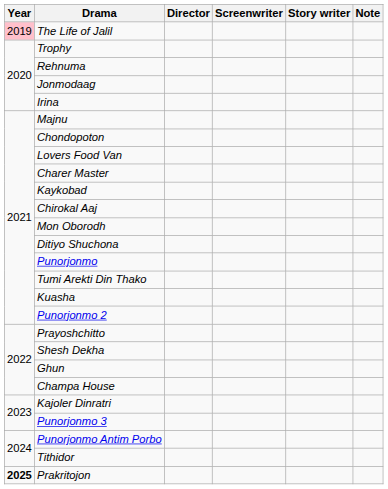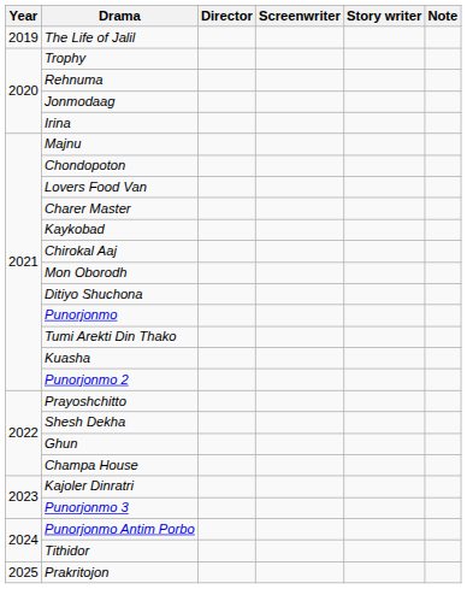 <table class="wikitable">
 <tr>
 <th>Year</th>
 <th>Drama</th>
 <th>Director</th>
 <th>Screenwriter</th>
 <th>Story writer</th>
 <th>Note</th>
 </tr>
 <tr>
-<td style="background: pink;">2019</td>
+<td>2019</td>
 <td><em>The Life of Jalil</em></td>
 <td></td>
 <td></td>
 <td></td>
 <td></td>
 </tr>
 <tr>
 <td rowspan="4">2020</td>
 <td><em>Trophy</em></td>
 <td></td>
 <td></td>
 <td></td>
 <td></td>
 </tr>
 <tr>
 <td><em>Rehnuma</em></td>
 <td></td>
 <td></td>
 <td></td>
 <td></td>
 </tr>
 <tr>
 <td><em>Jonmodaag</em></td>
 <td></td>
 <td></td>
 <td></td>
 <td></td>
 </tr>
 <tr>
 <td><em>Irina</em></td>
 <td></td>
 <td></td>
 <td></td>
 <td></td>
 </tr>
 <tr>
 <td rowspan="12">2021</td>
 <td><em>Majnu</em></td>
 <td></td>
 <td></td>
 <td></td>
 <td></td>
 </tr>
 <tr>
 <td><em>Chondopoton</em></td>
 <td></td>
 <td></td>
 <td></td>
 <td></td>
 </tr>
 <tr>
 <td><em>Lovers Food Van</em></td>
 <td></td>
 <td></td>
 <td></td>
 <td></td>
 </tr>
 <tr>
 <td><em>Charer Master</em></td>
 <td></td>
 <td></td>
 <td></td>
 <td></td>
 </tr>
 <tr>
 <td><em>Kaykobad</em></td>
 <td></td>
 <td></td>
 <td></td>
 <td></td>
 </tr>
 <tr>
 <td><em>Chirokal Aaj</em></td>
 <td></td>
 <td></td>
 <td></td>
 <td></td>
 </tr>
 <tr>
 <td><em>Mon Oborodh</em></td>
 <td></td>
 <td></td>
 <td></td>
 <td></td>
 </tr>
 <tr>
 <td><em>Ditiyo Shuchona</em></td>
 <td></td>
 <td></td>
 <td></td>
 <td></td>
 </tr>
 <tr>
 <td><em><a href='#'>Punorjonmo</a></em></td>
 <td></td>
 <td></td>
 <td></td>
 <td></td>
 </tr>
 <tr>
 <td><em>Tumi Arekti Din Thako</em></td>
 <td></td>
 <td></td>
 <td></td>
 <td></td>
 </tr>
 <tr>
 <td><em>Kuasha</em></td>
 <td></td>
 <td></td>
 <td></td>
 <td></td>
 </tr>
 <tr>
 <td><em><a href='#'>Punorjonmo 2</a></em></td>
 <td></td>
 <td></td>
 <td></td>
 <td></td>
 </tr>
 <tr>
 <td rowspan="4">2022</td>
 <td><em>Prayoshchitto</em></td>
 <td></td>
 <td></td>
 <td></td>
 <td></td>
 </tr>
 <tr>
 <td><em>Shesh Dekha</em></td>
 <td></td>
 <td></td>
 <td></td>
 <td></td>
 </tr>
 <tr>
 <td><em>Ghun</em></td>
 <td></td>
 <td></td>
 <td></td>
 <td></td>
 </tr>
 <tr>
 <td><em>Champa House</em></td>
 <td></td>
 <td></td>
 <td></td>
 <td></td>
 </tr>
 <tr>
 <td rowspan="2">2023</td>
 <td><em>Kajoler Dinratri</em></td>
 <td></td>
 <td></td>
 <td></td>
 <td></td>
 </tr>
 <tr>
 <td><em><a href='#'>Punorjonmo 3</a></em></td>
 <td></td>
 <td></td>
 <td></td>
 <td></td>
 </tr>
 <tr>
 <td rowspan="2">2024</td>
 <td><em><a href='#'>Punorjonmo Antim Porbo</a></em></td>
 <td></td>
 <td></td>
 <td></td>
 <td></td>
 </tr>
 <tr>
 <td><em>Tithidor</em></td>
 <td></td>
 <td></td>
 <td></td>
 <td></td>
 </tr>
 <tr>
-<td><strong>2025</strong></td>
+<td>2025</td>
 <td><em>Prakritojon</em></td>
 <td></td>
 <td></td>
 <td></td>
 <td></td>
 </tr>
 </table>
